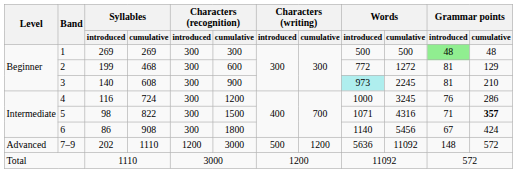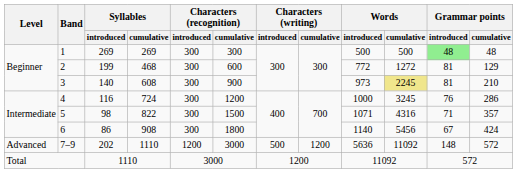 <table class="wikitable">
 <tr>
 <th rowspan="2">Level</th>
 <th rowspan="2">Band</th>
 <th colspan="2">Syllables</th>
 <th colspan="2">Characters<br>(recognition)</th>
 <th colspan="2">Characters<br>(writing)</th>
 <th colspan="2">Words</th>
 <th colspan="2">Grammar points</th>
 </tr>
 <tr style="font-size:85%;">
 <th>introduced</th>
 <th>cumulative</th>
 <th>introduced</th>
 <th>cumulative</th>
 <th>introduced</th>
 <th>cumulative</th>
 <th>introduced</th>
 <th>cumulative</th>
 <th>introduced</th>
 <th>cumulative</th>
 </tr>
 <tr>
 <td rowspan="3">Beginner</td>
 <td>1</td>
 <td align="center">269</td>
 <td align="center">269</td>
 <td align="center">300</td>
 <td align="center">300</td>
 <td rowspan="3" align="center">300</td>
 <td rowspan="3" align="center">300</td>
 <td align="center">500</td>
 <td align="center">500</td>
 <td align="center" style="background: lightgreen;">48</td>
 <td align="center">48</td>
 </tr>
 <tr>
 <td>2</td>
 <td align="center">199</td>
 <td align="center">468</td>
 <td align="center">300</td>
 <td align="center">600</td>
 <td align="center">772</td>
 <td align="center">1272</td>
 <td align="center">81</td>
 <td align="center">129</td>
 </tr>
 <tr>
 <td>3</td>
 <td align="center">140</td>
 <td align="center">608</td>
 <td align="center">300</td>
 <td align="center">900</td>
-<td align="center" style="background: paleturquoise;">973</td>
-<td align="center">2245</td>
+<td align="center">973</td>
+<td align="center" style="background: khaki;">2245</td>
 <td align="center">81</td>
 <td align="center">210</td>
 </tr>
 <tr>
 <td rowspan="3">Intermediate</td>
 <td>4</td>
 <td align="center">116</td>
 <td align="center">724</td>
 <td align="center">300</td>
 <td align="center">1200</td>
 <td rowspan="3" align="center">400</td>
 <td rowspan="3" align="center">700</td>
 <td align="center">1000</td>
 <td align="center">3245</td>
 <td align="center">76</td>
 <td align="center">286</td>
 </tr>
 <tr>
 <td>5</td>
 <td align="center">98</td>
 <td align="center">822</td>
 <td align="center">300</td>
 <td align="center">1500</td>
 <td align="center">1071</td>
 <td align="center">4316</td>
 <td align="center">71</td>
-<td align="center"><strong>357</strong></td>
+<td align="center">357</td>
 </tr>
 <tr>
 <td>6</td>
 <td align="center">86</td>
 <td align="center">908</td>
 <td align="center">300</td>
 <td align="center">1800</td>
 <td align="center">1140</td>
 <td align="center">5456</td>
 <td align="center">67</td>
 <td align="center">424</td>
 </tr>
 <tr>
 <td>Advanced</td>
 <td>7–9</td>
 <td align="center">202</td>
 <td align="center">1110</td>
 <td align="center">1200</td>
 <td align="center">3000</td>
 <td align="center">500</td>
 <td align="center">1200</td>
 <td align="center">5636</td>
 <td align="center">11092</td>
 <td align="center">148</td>
 <td align="center">572</td>
 </tr>
 <tr>
 <td colspan="2">Total</td>
 <td colspan="2" align="center">1110</td>
 <td colspan="2" align="center">3000</td>
 <td colspan="2" align="center">1200</td>
 <td colspan="2" align="center">11092</td>
 <td colspan="2" align="center">572</td>
 </tr>
 </table>
